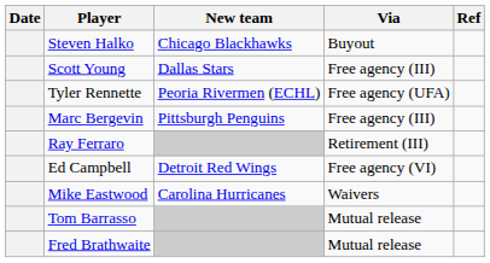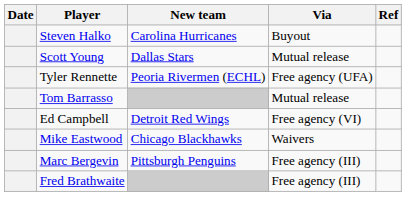 <table class="wikitable plainrowheaders">
 <tr style="background:#ddd; text-align:center;">
 <th>Date</th>
 <th>Player</th>
 <th>New team</th>
 <th>Via</th>
 <th>Ref</th>
 </tr>
 <tr>
 <th scope="row"></th>
 <td><a href='#'>Steven Halko</a></td>
-<td><a href='#'>Chicago Blackhawks</a></td>
+<td><a href='#'>Carolina Hurricanes</a></td>
 <td>Buyout</td>
 <td></td>
 </tr>
 <tr>
 <th scope="row"></th>
 <td><a href='#'>Scott Young</a></td>
 <td><a href='#'>Dallas Stars</a></td>
-<td>Free agency (III)</td>
+<td>Mutual release</td>
 <td></td>
 </tr>
 <tr>
 <th scope="row"></th>
 <td>Tyler Rennette</td>
 <td><a href='#'>Peoria Rivermen</a> (<a href='#'>ECHL</a>)</td>
 <td>Free agency (UFA)</td>
 <td></td>
 </tr>
 <tr>
 <th scope="row"></th>
-<td><a href='#'>Marc Bergevin</a></td>
-<td><a href='#'>Pittsburgh Penguins</a></td>
-<td>Free agency (III)</td>
-<td></td>
-</tr>
-<tr>
-<th scope="row"></th>
-<td><a href='#'>Ray Ferraro</a></td>
+<td><a href='#'>Tom Barrasso</a></td>
 <td style="background:#ccc"></td>
-<td>Retirement (III)</td>
+<td>Mutual release</td>
 <td></td>
 </tr>
 <tr>
 <th scope="row"></th>
 <td>Ed Campbell</td>
 <td><a href='#'>Detroit Red Wings</a></td>
 <td>Free agency (VI)</td>
 <td></td>
 </tr>
 <tr>
 <th scope="row"></th>
 <td><a href='#'>Mike Eastwood</a></td>
-<td><a href='#'>Carolina Hurricanes</a></td>
+<td><a href='#'>Chicago Blackhawks</a></td>
 <td>Waivers</td>
 <td></td>
 </tr>
 <tr>
 <th scope="row"></th>
-<td><a href='#'>Tom Barrasso</a></td>
-<td style="background:#ccc"></td>
-<td>Mutual release</td>
+<td><a href='#'>Marc Bergevin</a></td>
+<td><a href='#'>Pittsburgh Penguins</a></td>
+<td>Free agency (III)</td>
 <td></td>
 </tr>
 <tr>
 <th scope="row"></th>
 <td><a href='#'>Fred Brathwaite</a></td>
 <td style="background:#ccc"></td>
-<td>Mutual release</td>
+<td>Free agency (III)</td>
 <td></td>
 </tr>
 </table>
